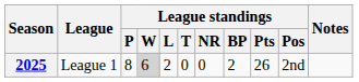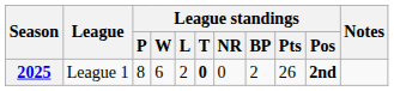 <table class="wikitable sortable">
 <tr>
 <th scope="col" rowspan="2">Season</th>
 <th scope="col" rowspan="2">League</th>
 <th scope="col" colspan="8">League standings</th>
 <th scope="col" rowspan="2">Notes</th>
 </tr>
 <tr>
 <th scope="col">P</th>
 <th scope="col">W</th>
 <th scope="col">L</th>
 <th scope="col">T</th>
 <th scope="col">NR</th>
 <th scope="col">BP</th>
 <th scope="col">Pts</th>
 <th scope="col">Pos</th>
 </tr>
 <tr>
 <th scope="row"><a href='#'>2025</a></th>
 <td>League 1</td>
 <td>8</td>
-<td style="background: lightgrey;">6</td>
+<td>6</td>
 <td>2</td>
-<td>0</td>
+<td><strong>0</strong></td>
 <td>0</td>
 <td>2</td>
 <td>26</td>
-<td>2nd</td>
+<td><strong>2nd</strong></td>
 <td></td>
 </tr>
 </table>
